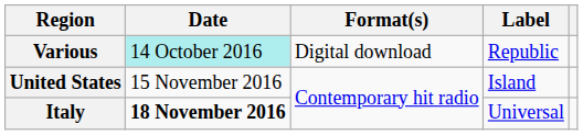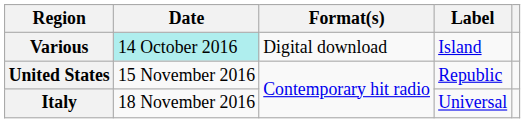 <table class="wikitable plainrowheaders">
 <tr>
 <th scope="col">Region</th>
 <th scope="col">Date</th>
 <th scope="col">Format(s)</th>
 <th scope="col">Label</th>
 <th scope="col"></th>
 </tr>
 <tr>
 <th scope="row">Various</th>
 <td style="background: paleturquoise;">14 October 2016</td>
 <td>Digital download </td>
-<td><a href='#'>Republic</a></td>
+<td><a href='#'>Island</a></td>
 <td align="center"></td>
 </tr>
 <tr>
 <th scope="row">United States</th>
 <td>15 November 2016</td>
 <td rowspan="2"><a href='#'>Contemporary hit radio</a></td>
-<td><a href='#'>Island</a></td>
+<td><a href='#'>Republic</a></td>
 <td align="center"></td>
 </tr>
 <tr>
 <th scope="row">Italy</th>
-<td><strong>18 November 2016</strong></td>
+<td>18 November 2016</td>
 <td><a href='#'>Universal</a></td>
 <td align="center"></td>
 </tr>
 </table>
